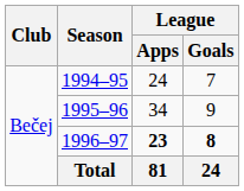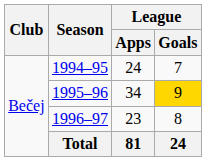 <table class="wikitable" style="text-align:center">
 <tr>
 <th rowspan="2">Club</th>
 <th rowspan="2">Season</th>
 <th colspan="2">League</th>
 </tr>
 <tr>
 <th>Apps</th>
 <th>Goals</th>
 </tr>
 <tr>
 <td rowspan="4"><a href='#'>Bečej</a></td>
 <td><a href='#'>1994–95</a></td>
 <td>24</td>
 <td>7</td>
 </tr>
 <tr>
 <td><a href='#'>1995–96</a></td>
 <td>34</td>
-<td>9</td>
+<td style="background: gold;">9</td>
 </tr>
 <tr>
 <td><a href='#'>1996–97</a></td>
-<td><strong>23</strong></td>
-<td><strong>8</strong></td>
+<td>23</td>
+<td>8</td>
 </tr>
 <tr>
 <th>Total</th>
 <th>81</th>
 <th>24</th>
 </tr>
 </table>
